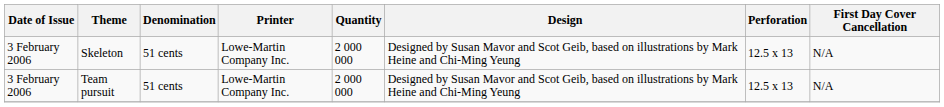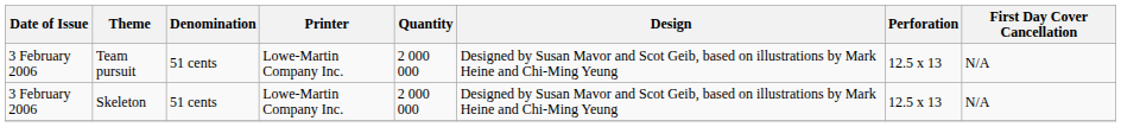 <table class="wikitable sortable">
 <tr>
 <th>Date of Issue</th>
 <th>Theme</th>
 <th>Denomination</th>
 <th>Printer</th>
 <th>Quantity</th>
 <th>Design</th>
 <th>Perforation</th>
 <th>First Day Cover Cancellation</th>
 </tr>
 <tr>
 <td>3 February 2006</td>
-<td>Skeleton</td>
+<td>Team pursuit</td>
 <td>51 cents</td>
 <td>Lowe-Martin Company Inc.</td>
 <td>2 000 000</td>
 <td>Designed by Susan Mavor and Scot Geib, based on illustrations by Mark Heine and Chi-Ming Yeung</td>
 <td>12.5 x 13</td>
 <td>N/A</td>
 </tr>
 <tr>
 <td>3 February 2006</td>
-<td>Team pursuit</td>
+<td>Skeleton</td>
 <td>51 cents</td>
 <td>Lowe-Martin Company Inc.</td>
 <td>2 000 000</td>
 <td>Designed by Susan Mavor and Scot Geib, based on illustrations by Mark Heine and Chi-Ming Yeung</td>
 <td>12.5 x 13</td>
 <td>N/A</td>
 </tr>
 <tr>
 </tr>
 </table>
